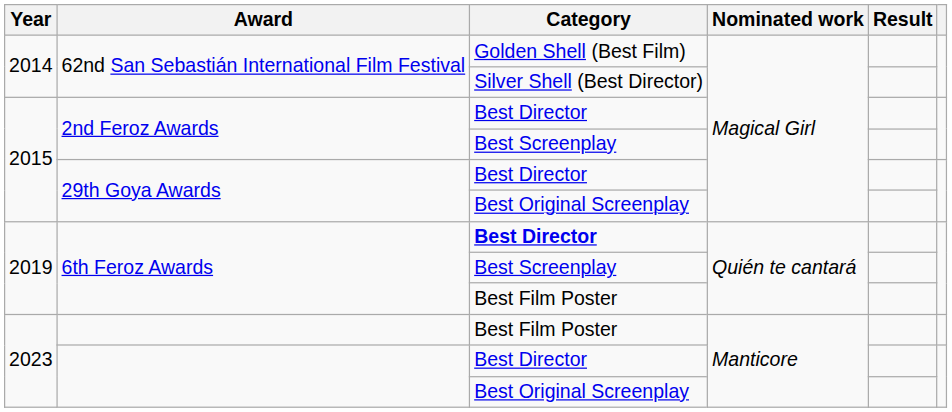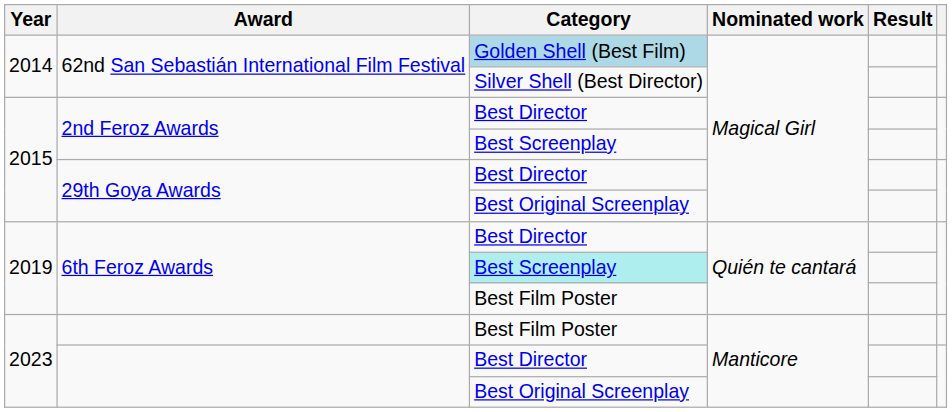 <table class="wikitable sortable plainrowheaders">
 <tr>
 <th>Year</th>
 <th>Award</th>
 <th>Category</th>
 <th>Nominated work</th>
 <th>Result</th>
 <th scope="col" class="unsortable"></th>
 </tr>
 <tr>
 <td align = "center" rowspan = "2">2014</td>
 <td rowspan = "2">62nd <a href='#'>San Sebastián International Film Festival</a></td>
-<td><a href='#'>Golden Shell</a> (Best Film)</td>
+<td style="background: lightblue;"><a href='#'>Golden Shell</a> (Best Film)</td>
 <td rowspan = "6"><em>Magical Girl</em></td>
 <td></td>
 <td align = "center" rowspan = "2"></td>
 </tr>
 <tr>
 <td><a href='#'>Silver Shell</a> (Best Director)</td>
 <td></td>
 </tr>
 <tr>
 <td rowspan = "4" align = "center">2015</td>
 <td rowspan = "2"><a href='#'>2nd Feroz Awards</a></td>
 <td><a href='#'>Best Director</a></td>
 <td></td>
 <td align = "center" rowspan = "2"></td>
 </tr>
 <tr>
 <td><a href='#'>Best Screenplay</a></td>
 <td></td>
 </tr>
 <tr>
 <td rowspan = "2"><a href='#'>29th Goya Awards</a></td>
 <td><a href='#'>Best Director</a></td>
 <td></td>
 <td align = "center" rowspan = "2"></td>
 </tr>
 <tr>
 <td><a href='#'>Best Original Screenplay</a></td>
 <td></td>
 </tr>
 <tr>
 <td align = "center" rowspan = "3">2019</td>
 <td rowspan = "3"><a href='#'>6th Feroz Awards</a></td>
-<td><strong><a href='#'>Best Director</a></strong></td>
+<td><a href='#'>Best Director</a></td>
 <td rowspan = "3"><em>Quién te cantará</em></td>
 <td></td>
 <td align = "center" rowspan = "3"></td>
 </tr>
 <tr>
-<td><a href='#'>Best Screenplay</a></td>
+<td style="background: paleturquoise;"><a href='#'>Best Screenplay</a></td>
 <td></td>
 </tr>
 <tr>
 <td>Best Film Poster</td>
 <td></td>
 </tr>
 <tr>
 <td align = "center" rowspan = "3">2023</td>
 <td></td>
 <td>Best Film Poster</td>
 <td rowspan = "3"><em>Manticore</em></td>
 <td></td>
 <td align = "center"></td>
 </tr>
 <tr>
 <td rowspan = "2"></td>
 <td><a href='#'>Best Director</a></td>
 <td></td>
 <td align = "center" rowspan = "2"></td>
 </tr>
 <tr>
 <td><a href='#'>Best Original Screenplay</a></td>
 <td></td>
 </tr>
 </table>
